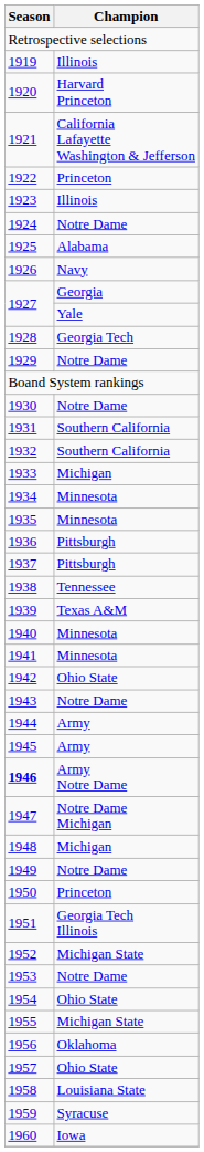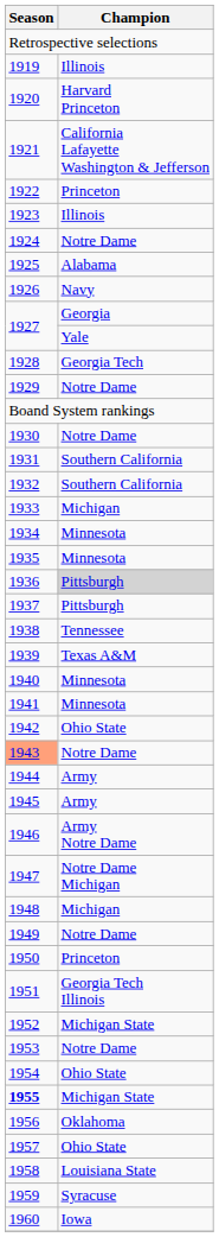 <table class="wikitable">
 <tr>
 <th>Season</th>
 <th>Champion</th>
 </tr>
 <tr>
 <td colspan=3 >Retrospective selections</td>
 </tr>
 <tr>
 <td><a href='#'>1919</a></td>
 <td><a href='#'>Illinois</a></td>
 </tr>
 <tr>
 <td><a href='#'>1920</a></td>
 <td><a href='#'>Harvard</a><br><a href='#'>Princeton</a></td>
 </tr>
 <tr>
 <td><a href='#'>1921</a></td>
 <td><a href='#'>California</a><br><a href='#'>Lafayette</a><br><a href='#'>Washington & Jefferson</a></td>
 </tr>
 <tr>
 <td><a href='#'>1922</a></td>
 <td><a href='#'>Princeton</a></td>
 </tr>
 <tr>
 <td><a href='#'>1923</a></td>
 <td><a href='#'>Illinois</a></td>
 </tr>
 <tr>
 <td><a href='#'>1924</a></td>
 <td><a href='#'>Notre Dame</a></td>
 </tr>
 <tr>
 <td><a href='#'>1925</a></td>
 <td><a href='#'>Alabama</a></td>
 </tr>
 <tr>
 <td><a href='#'>1926</a></td>
 <td><a href='#'>Navy</a></td>
 </tr>
 <tr>
 <td rowspan=2><a href='#'>1927</a></td>
 <td><a href='#'>Georgia</a></td>
 </tr>
 <tr>
 <td><a href='#'>Yale</a></td>
 </tr>
 <tr>
 <td><a href='#'>1928</a></td>
 <td><a href='#'>Georgia Tech</a></td>
 </tr>
 <tr>
 <td><a href='#'>1929</a></td>
 <td><a href='#'>Notre Dame</a></td>
 </tr>
 <tr>
 <td colspan=3 >Boand System rankings</td>
 </tr>
 <tr>
 <td><a href='#'>1930</a></td>
 <td><a href='#'>Notre Dame</a></td>
 </tr>
 <tr>
 <td><a href='#'>1931</a></td>
 <td><a href='#'>Southern California</a></td>
 </tr>
 <tr>
 <td><a href='#'>1932</a></td>
 <td><a href='#'>Southern California</a></td>
 </tr>
 <tr>
 <td><a href='#'>1933</a></td>
 <td><a href='#'>Michigan</a></td>
 </tr>
 <tr>
 <td><a href='#'>1934</a></td>
 <td><a href='#'>Minnesota</a></td>
 </tr>
 <tr>
 <td><a href='#'>1935</a></td>
 <td><a href='#'>Minnesota</a></td>
 </tr>
 <tr>
 <td><a href='#'>1936</a></td>
-<td><a href='#'>Pittsburgh</a></td>
+<td style="background: lightgrey;"><a href='#'>Pittsburgh</a></td>
 </tr>
 <tr>
 <td><a href='#'>1937</a></td>
 <td><a href='#'>Pittsburgh</a></td>
 </tr>
 <tr>
 <td><a href='#'>1938</a></td>
 <td><a href='#'>Tennessee</a></td>
 </tr>
 <tr>
 <td><a href='#'>1939</a></td>
 <td><a href='#'>Texas A&M</a></td>
 </tr>
 <tr>
 <td><a href='#'>1940</a></td>
 <td><a href='#'>Minnesota</a></td>
 </tr>
 <tr>
 <td><a href='#'>1941</a></td>
 <td><a href='#'>Minnesota</a></td>
 </tr>
 <tr>
 <td><a href='#'>1942</a></td>
 <td><a href='#'>Ohio State</a></td>
 </tr>
 <tr>
-<td><a href='#'>1943</a></td>
+<td style="background: lightsalmon;"><a href='#'>1943</a></td>
 <td><a href='#'>Notre Dame</a></td>
 </tr>
 <tr>
 <td><a href='#'>1944</a></td>
 <td><a href='#'>Army</a></td>
 </tr>
 <tr>
 <td><a href='#'>1945</a></td>
 <td><a href='#'>Army</a></td>
 </tr>
 <tr>
-<td><strong><a href='#'>1946</a></strong></td>
+<td><a href='#'>1946</a></td>
 <td><a href='#'>Army</a><br><a href='#'>Notre Dame</a></td>
 </tr>
 <tr>
 <td><a href='#'>1947</a></td>
 <td><a href='#'>Notre Dame</a> <br><a href='#'>Michigan</a></td>
 </tr>
 <tr>
 <td><a href='#'>1948</a></td>
 <td><a href='#'>Michigan</a></td>
 </tr>
 <tr>
 <td><a href='#'>1949</a></td>
 <td><a href='#'>Notre Dame</a></td>
 </tr>
 <tr>
 <td><a href='#'>1950</a></td>
 <td><a href='#'>Princeton</a></td>
 </tr>
 <tr>
 <td><a href='#'>1951</a></td>
 <td><a href='#'>Georgia Tech</a><br><a href='#'>Illinois</a></td>
 </tr>
 <tr>
 <td><a href='#'>1952</a></td>
 <td><a href='#'>Michigan State</a></td>
 </tr>
 <tr>
 <td><a href='#'>1953</a></td>
 <td><a href='#'>Notre Dame</a></td>
 </tr>
 <tr>
 <td><a href='#'>1954</a></td>
 <td><a href='#'>Ohio State</a></td>
 </tr>
 <tr>
-<td><a href='#'>1955</a></td>
+<td><strong><a href='#'>1955</a></strong></td>
 <td><a href='#'>Michigan State</a></td>
 </tr>
 <tr>
 <td><a href='#'>1956</a></td>
 <td><a href='#'>Oklahoma</a></td>
 </tr>
 <tr>
 <td><a href='#'>1957</a></td>
 <td><a href='#'>Ohio State</a></td>
 </tr>
 <tr>
 <td><a href='#'>1958</a></td>
 <td><a href='#'>Louisiana State</a></td>
 </tr>
 <tr>
 <td><a href='#'>1959</a></td>
 <td><a href='#'>Syracuse</a></td>
 </tr>
 <tr>
 <td><a href='#'>1960</a></td>
 <td><a href='#'>Iowa</a></td>
 </tr>
 <tr>
 </tr>
 </table>
